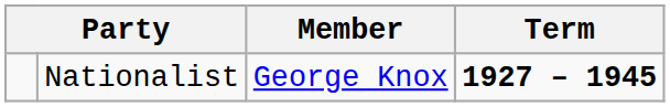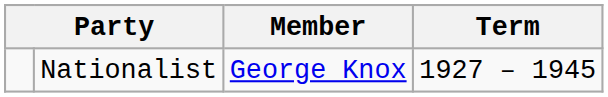 <table class="wikitable">
 <tr>
 <th colspan="2">Party</th>
 <th>Member</th>
 <th>Term</th>
 </tr>
 <tr>
 <td> </td>
 <td>Nationalist</td>
 <td><a href='#'>George Knox</a></td>
-<td><strong>1927 – 1945</strong></td>
+<td>1927 – 1945</td>
 </tr>
 </table>
